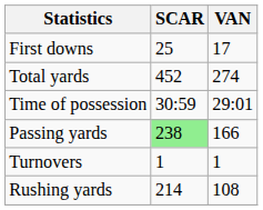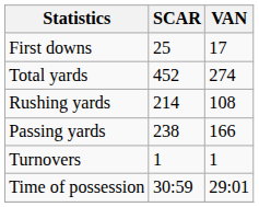 <table class="wikitable" style="float: left;">
 <tr>
 <th>Statistics</th>
 <th>SCAR</th>
 <th>VAN</th>
 </tr>
 <tr>
 <td>First downs</td>
 <td>25</td>
 <td>17</td>
 </tr>
 <tr>
 <td>Total yards</td>
 <td>452</td>
 <td>274</td>
 </tr>
 <tr>
-<td>Time of possession</td>
-<td>30:59</td>
-<td>29:01</td>
+<td>Rushing yards</td>
+<td>214</td>
+<td>108</td>
 </tr>
 <tr>
 <td>Passing yards</td>
-<td style="background: lightgreen;">238</td>
+<td>238</td>
 <td>166</td>
 </tr>
 <tr>
 <td>Turnovers</td>
 <td>1</td>
 <td>1</td>
 </tr>
 <tr>
-<td>Rushing yards</td>
-<td>214</td>
-<td>108</td>
+<td>Time of possession</td>
+<td>30:59</td>
+<td>29:01</td>
 </tr>
 <tr>
 </tr>
 </table>
